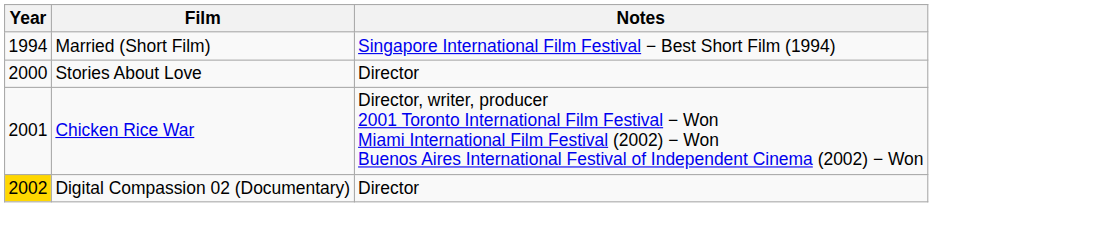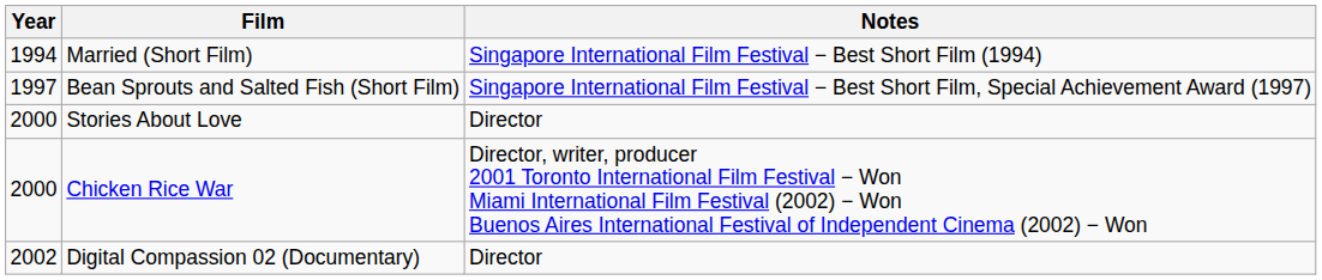 <table class="wikitable">
 <tr>
 <th>Year</th>
 <th>Film</th>
 <th>Notes</th>
 </tr>
 <tr>
 <td>1994</td>
 <td>Married (Short Film)</td>
 <td><a href='#'>Singapore International Film Festival</a> − Best Short Film (1994)</td>
 </tr>
 <tr>
+<td>1997</td>
+<td>Bean Sprouts and Salted Fish (Short Film)</td>
+<td><a href='#'>Singapore International Film Festival</a> − Best Short Film, Special Achievement Award (1997)</td>
+</tr>
+<tr>
 <td>2000</td>
 <td>Stories About Love</td>
 <td>Director</td>
 </tr>
 <tr>
-<td>2001</td>
+<td>2000</td>
 <td><a href='#'>Chicken Rice War</a></td>
 <td>Director, writer, producer<br><a href='#'>2001 Toronto International Film Festival</a> − Won<br> <a href='#'>Miami International Film Festival</a> (2002) − Won<br> <a href='#'>Buenos Aires International Festival of Independent Cinema</a> (2002) − Won</td>
 </tr>
 <tr>
-<td style="background: gold;">2002</td>
+<td>2002</td>
 <td>Digital Compassion 02 (Documentary)</td>
 <td>Director</td>
 </tr>
 </table>
